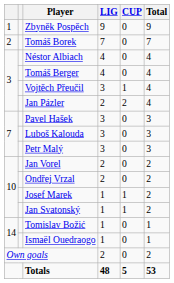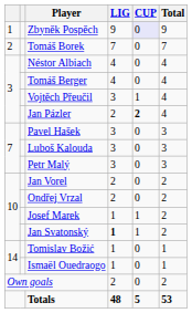 <table class="wikitable"  class= style="text-align:center; border:1px #aaa solid; font-size:95%">
 <tr>
 <th></th>
 <th></th>
 <th>Player</th>
 <th><a href='#'>LIG</a></th>
 <th><a href='#'>CUP</a></th>
 <th>Total</th>
 </tr>
 <tr>
 <td rowspan="1">1</td>
 <td></td>
 <td><a href='#'>Zbyněk Pospěch</a></td>
 <td>9</td>
-<td>0</td>
+<td style="background: lavender;">0</td>
 <td>9</td>
 </tr>
 <tr>
 <td rowspan="1">2</td>
 <td></td>
 <td><a href='#'>Tomáš Borek</a></td>
 <td>7</td>
 <td>0</td>
 <td>7</td>
 </tr>
 <tr>
 <td rowspan="4">3</td>
 <td></td>
 <td><a href='#'>Néstor Albiach</a></td>
 <td>4</td>
 <td>0</td>
 <td>4</td>
 </tr>
 <tr>
 <td></td>
 <td><a href='#'>Tomáš Berger</a></td>
 <td>4</td>
 <td>0</td>
 <td>4</td>
 </tr>
 <tr>
 <td></td>
 <td><a href='#'>Vojtěch Přeučil</a></td>
 <td>3</td>
 <td>1</td>
 <td>4</td>
 </tr>
 <tr>
 <td></td>
 <td><a href='#'>Jan Pázler</a></td>
 <td>2</td>
-<td>2</td>
+<td><strong>2</strong></td>
 <td>4</td>
 </tr>
 <tr>
 <td rowspan="3">7</td>
 <td></td>
 <td><a href='#'>Pavel Hašek</a></td>
 <td>3</td>
 <td>0</td>
 <td>3</td>
 </tr>
 <tr>
 <td></td>
 <td><a href='#'>Luboš Kalouda</a></td>
 <td>3</td>
 <td>0</td>
 <td>3</td>
 </tr>
 <tr>
 <td></td>
 <td><a href='#'>Petr Malý</a></td>
 <td>3</td>
 <td>0</td>
 <td>3</td>
 </tr>
 <tr>
 <td rowspan="4">10</td>
 <td></td>
 <td><a href='#'>Jan Vorel</a></td>
 <td>2</td>
 <td>0</td>
 <td>2</td>
 </tr>
 <tr>
 <td></td>
 <td><a href='#'>Ondřej Vrzal</a></td>
 <td>2</td>
 <td>0</td>
 <td>2</td>
 </tr>
 <tr>
 <td></td>
 <td><a href='#'>Josef Marek</a></td>
 <td>1</td>
 <td>1</td>
 <td>2</td>
 </tr>
 <tr>
 <td></td>
 <td><a href='#'>Jan Svatonský</a></td>
-<td>1</td>
+<td><strong>1</strong></td>
 <td>1</td>
 <td>2</td>
 </tr>
 <tr>
 <td rowspan="2">14</td>
 <td></td>
 <td><a href='#'>Tomislav Božić</a></td>
 <td>1</td>
 <td>0</td>
 <td>1</td>
 </tr>
 <tr>
 <td></td>
 <td><a href='#'>Ismaël Ouedraogo</a></td>
 <td>1</td>
 <td>0</td>
 <td>1</td>
 </tr>
 <tr>
 <td colspan="3"><em><a href='#'>Own goals</a></em></td>
 <td>2</td>
 <td>0</td>
 <td>2</td>
 </tr>
 <tr>
 <td colspan="2"></td>
 <td><strong>Totals</strong></td>
 <td><strong>48</strong></td>
 <td><strong>5</strong></td>
 <td><strong>53</strong></td>
 </tr>
 </table>
